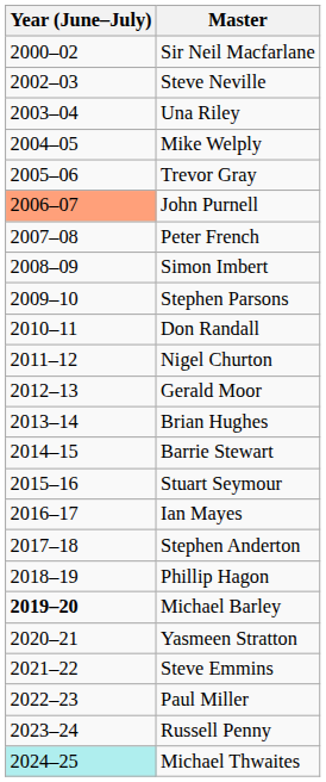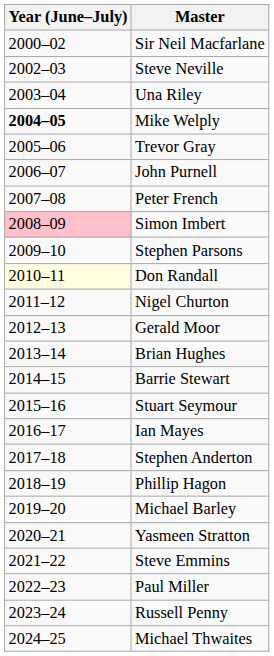 <table class="wikitable" border="1" style="margin-left: auto; margin-right: auto; border: none;">
 <tr>
 <th>Year (June–July)</th>
 <th>Master</th>
 </tr>
 <tr>
 <td>2000–02</td>
 <td>Sir Neil Macfarlane</td>
 </tr>
 <tr>
 <td>2002–03</td>
 <td>Steve Neville</td>
 </tr>
 <tr>
 <td>2003–04</td>
 <td>Una Riley</td>
 </tr>
 <tr>
-<td>2004–05</td>
+<td><strong>2004–05</strong></td>
 <td>Mike Welply</td>
 </tr>
 <tr>
 <td>2005–06</td>
 <td>Trevor Gray</td>
 </tr>
 <tr>
-<td style="background: lightsalmon;">2006–07</td>
+<td>2006–07</td>
 <td>John Purnell</td>
 </tr>
 <tr>
 <td>2007–08</td>
 <td>Peter French</td>
 </tr>
 <tr>
-<td>2008–09</td>
+<td style="background: pink;">2008–09</td>
 <td>Simon Imbert</td>
 </tr>
 <tr>
 <td>2009–10</td>
 <td>Stephen Parsons</td>
 </tr>
 <tr>
-<td>2010–11</td>
+<td style="background: lightyellow;">2010–11</td>
 <td>Don Randall</td>
 </tr>
 <tr>
 <td>2011–12</td>
 <td>Nigel Churton</td>
 </tr>
 <tr>
 <td>2012–13</td>
 <td>Gerald Moor</td>
 </tr>
 <tr>
 <td>2013–14</td>
 <td>Brian Hughes</td>
 </tr>
 <tr>
 <td>2014–15</td>
 <td>Barrie Stewart</td>
 </tr>
 <tr>
 <td>2015–16</td>
 <td>Stuart Seymour</td>
 </tr>
 <tr>
 <td>2016–17</td>
 <td>Ian Mayes</td>
 </tr>
 <tr>
 <td>2017–18</td>
 <td>Stephen Anderton</td>
 </tr>
 <tr>
 <td>2018–19</td>
 <td>Phillip Hagon</td>
 </tr>
 <tr>
-<td><strong>2019–20</strong></td>
+<td>2019–20</td>
 <td>Michael Barley</td>
 </tr>
 <tr>
 <td>2020–21</td>
 <td>Yasmeen Stratton</td>
 </tr>
 <tr>
 <td>2021–22</td>
 <td>Steve Emmins</td>
 </tr>
 <tr>
 <td>2022–23</td>
 <td>Paul Miller</td>
 </tr>
 <tr>
 <td>2023–24</td>
 <td>Russell Penny</td>
 </tr>
 <tr>
-<td style="background: paleturquoise;">2024–25</td>
+<td>2024–25</td>
 <td>Michael Thwaites</td>
 </tr>
 </table>
